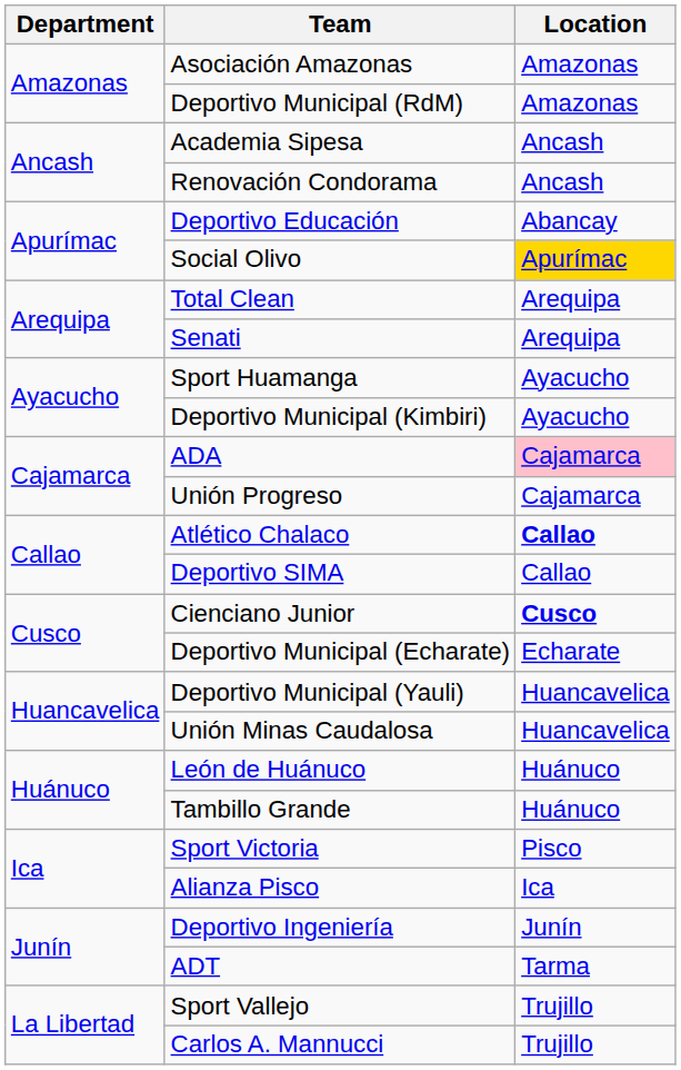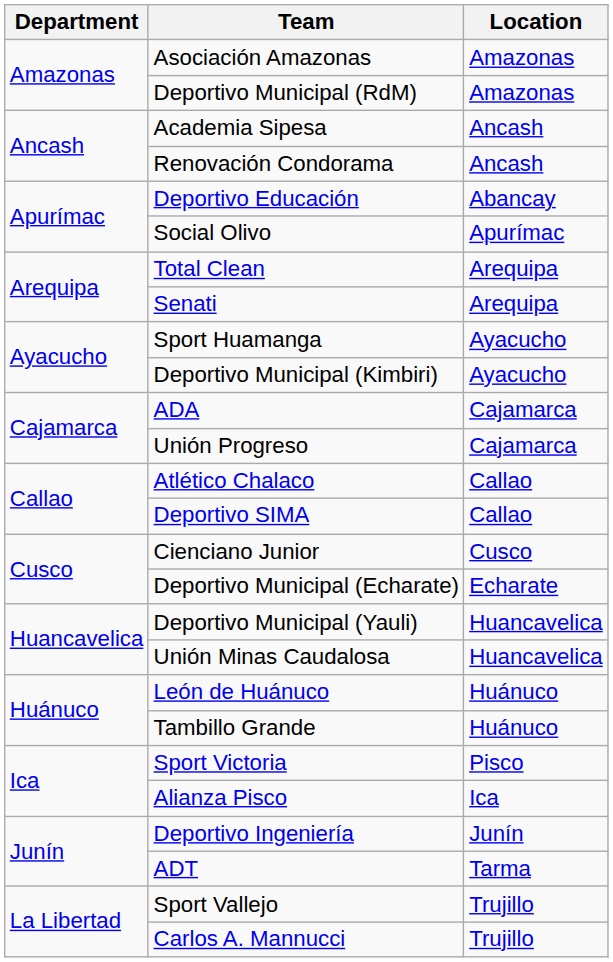 <table class="wikitable">
 <tr>
 <th>Department</th>
 <th>Team</th>
 <th>Location</th>
 </tr>
 <tr>
 <td rowspan="2"><a href='#'>Amazonas</a></td>
 <td>Asociación Amazonas</td>
 <td><a href='#'>Amazonas</a></td>
 </tr>
 <tr>
 <td>Deportivo Municipal (RdM)</td>
 <td><a href='#'>Amazonas</a></td>
 </tr>
 <tr>
 <td rowspan="2"><a href='#'>Ancash</a></td>
 <td>Academia Sipesa</td>
 <td><a href='#'>Ancash</a></td>
 </tr>
 <tr>
 <td>Renovación Condorama</td>
 <td><a href='#'>Ancash</a></td>
 </tr>
 <tr>
 <td rowspan="2"><a href='#'>Apurímac</a></td>
 <td><a href='#'>Deportivo Educación</a></td>
 <td><a href='#'>Abancay</a></td>
 </tr>
 <tr>
 <td>Social Olivo</td>
-<td style="background: gold;"><a href='#'>Apurímac</a></td>
+<td><a href='#'>Apurímac</a></td>
 </tr>
 <tr>
 <td rowspan="2"><a href='#'>Arequipa</a></td>
 <td><a href='#'>Total Clean</a></td>
 <td><a href='#'>Arequipa</a></td>
 </tr>
 <tr>
 <td><a href='#'>Senati</a></td>
 <td><a href='#'>Arequipa</a></td>
 </tr>
 <tr>
 <td rowspan="2"><a href='#'>Ayacucho</a></td>
 <td>Sport Huamanga</td>
 <td><a href='#'>Ayacucho</a></td>
 </tr>
 <tr>
 <td>Deportivo Municipal (Kimbiri)</td>
 <td><a href='#'>Ayacucho</a></td>
 </tr>
 <tr>
 <td rowspan="2"><a href='#'>Cajamarca</a></td>
 <td><a href='#'>ADA</a></td>
-<td style="background: pink;"><a href='#'>Cajamarca</a></td>
+<td><a href='#'>Cajamarca</a></td>
 </tr>
 <tr>
 <td>Unión Progreso</td>
 <td><a href='#'>Cajamarca</a></td>
 </tr>
 <tr>
 <td rowspan="2"><a href='#'>Callao</a></td>
 <td><a href='#'>Atlético Chalaco</a></td>
-<td><strong><a href='#'>Callao</a></strong></td>
+<td><a href='#'>Callao</a></td>
 </tr>
 <tr>
 <td><a href='#'>Deportivo SIMA</a></td>
 <td><a href='#'>Callao</a></td>
 </tr>
 <tr>
 <td rowspan="2"><a href='#'>Cusco</a></td>
 <td>Cienciano Junior</td>
-<td><strong><a href='#'>Cusco</a></strong></td>
+<td><a href='#'>Cusco</a></td>
 </tr>
 <tr>
 <td>Deportivo Municipal (Echarate)</td>
 <td><a href='#'>Echarate</a></td>
 </tr>
 <tr>
 <td rowspan="2"><a href='#'>Huancavelica</a></td>
 <td>Deportivo Municipal (Yauli)</td>
 <td><a href='#'>Huancavelica</a></td>
 </tr>
 <tr>
 <td>Unión Minas Caudalosa</td>
 <td><a href='#'>Huancavelica</a></td>
 </tr>
 <tr>
 <td rowspan="2"><a href='#'>Huánuco</a></td>
 <td><a href='#'>León de Huánuco</a></td>
 <td><a href='#'>Huánuco</a></td>
 </tr>
 <tr>
 <td>Tambillo Grande</td>
 <td><a href='#'>Huánuco</a></td>
 </tr>
 <tr>
 <td rowspan="2"><a href='#'>Ica</a></td>
 <td><a href='#'>Sport Victoria</a></td>
 <td><a href='#'>Pisco</a></td>
 </tr>
 <tr>
 <td><a href='#'>Alianza Pisco</a></td>
 <td><a href='#'>Ica</a></td>
 </tr>
 <tr>
 <td rowspan="2"><a href='#'>Junín</a></td>
 <td><a href='#'>Deportivo Ingeniería</a></td>
 <td><a href='#'>Junín</a></td>
 </tr>
 <tr>
 <td><a href='#'>ADT</a></td>
 <td><a href='#'>Tarma</a></td>
 </tr>
 <tr>
 <td rowspan="2"><a href='#'>La Libertad</a></td>
 <td>Sport Vallejo</td>
 <td><a href='#'>Trujillo</a></td>
 </tr>
 <tr>
 <td><a href='#'>Carlos A. Mannucci</a></td>
 <td><a href='#'>Trujillo</a></td>
 </tr>
 </table>
